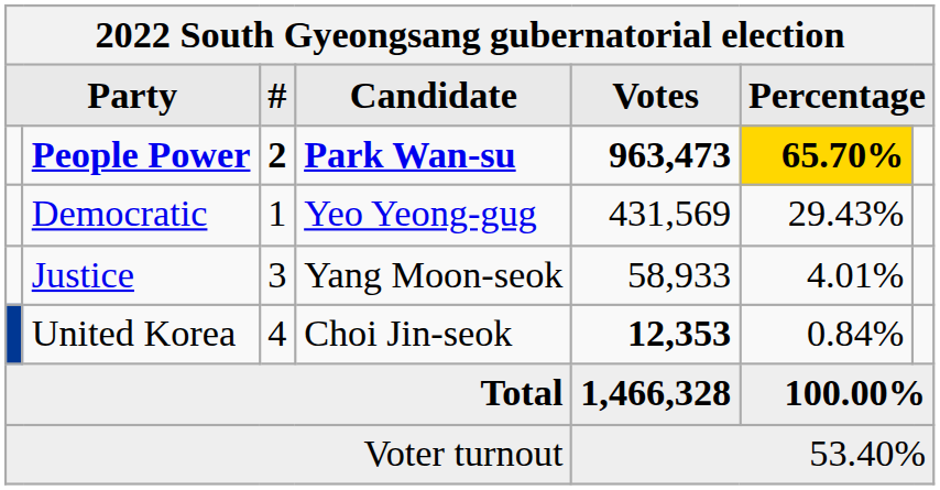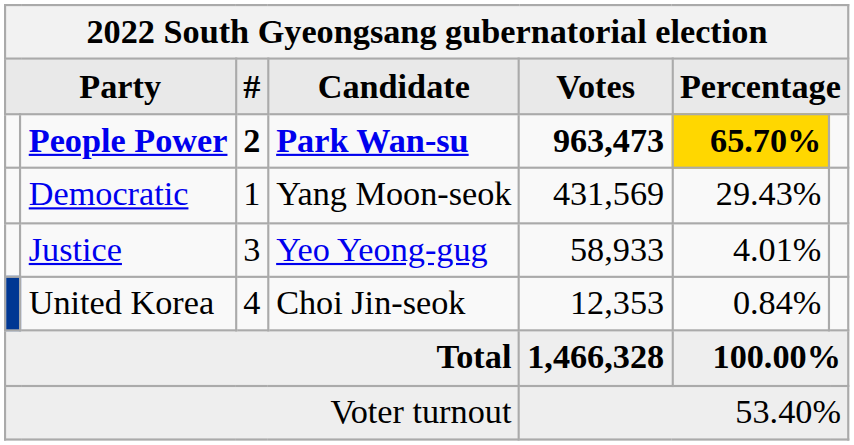 <table class="wikitable">
 <tr>
 <th colspan="7">2022 South Gyeongsang gubernatorial election</th>
 </tr>
 <tr>
 <th style="background-color:#E9E9E9" colspan=2>Party</th>
 <th style="background-color:#E9E9E9">#</th>
 <th style="background-color:#E9E9E9">Candidate</th>
 <th style="background-color:#E9E9E9">Votes</th>
 <th style="background-color:#E9E9E9" colspan=2>Percentage</th>
 </tr>
 <tr style="font-weight:bold">
 <td></td>
 <td align=left><a href='#'>People Power</a></td>
 <td align=center>2</td>
 <td align=left><a href='#'>Park Wan-su</a></td>
 <td align=right>963,473</td>
 <td align=right style="background: gold;">65.70%</td>
 <td align=right></td>
 </tr>
 <tr>
 <td></td>
 <td align=left><a href='#'>Democratic</a></td>
 <td align=center>1</td>
-<td align=left><a href='#'>Yeo Yeong-gug</a></td>
+<td align=left>Yang Moon-seok</td>
 <td align=right>431,569</td>
 <td align=right>29.43%</td>
 <td align=right></td>
 </tr>
 <tr>
 <td></td>
 <td align=left><a href='#'>Justice</a></td>
 <td align=center>3</td>
-<td align=left>Yang Moon-seok</td>
+<td align=left><a href='#'>Yeo Yeong-gug</a></td>
 <td align=right>58,933</td>
 <td align=right>4.01%</td>
 <td align=right></td>
 </tr>
 <tr>
 <td bgcolor="#003793"></td>
 <td align=left>United Korea</td>
 <td align=center>4</td>
 <td align=left>Choi Jin-seok</td>
-<td align=right><strong>12,353</strong></td>
+<td align=right>12,353</td>
 <td align=right>0.84%</td>
 <td align=right></td>
 </tr>
 <tr bgcolor="#EEEEEE" style="font-weight:bold">
 <td colspan="4" align=right>Total</td>
 <td align=right>1,466,328</td>
 <td align=right colspan=2>100.00%</td>
 </tr>
 <tr bgcolor="#EEEEEE">
 <td colspan="4" align="right">Voter turnout</td>
 <td colspan="3" align="right">53.40%</td>
 </tr>
 </table>
